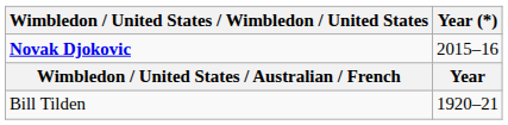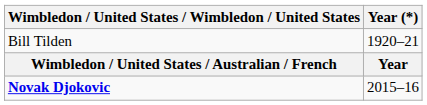 <table class=wikitable style="display:inline-table;">
 <tr>
 <th>Wimbledon / United States / Wimbledon / United States</th>
 <th>Year (*)</th>
 </tr>
 <tr>
-<td> <strong><a href='#'>Novak Djokovic</a></strong></td>
-<td>2015–16</td>
+<td> Bill Tilden</td>
+<td>1920–21</td>
 </tr>
 <tr>
 <th>Wimbledon / United States / Australian / French</th>
 <th>Year</th>
 </tr>
 <tr>
-<td> Bill Tilden</td>
-<td>1920–21</td>
+<td> <strong><a href='#'>Novak Djokovic</a></strong></td>
+<td>2015–16</td>
 </tr>
 </table>
